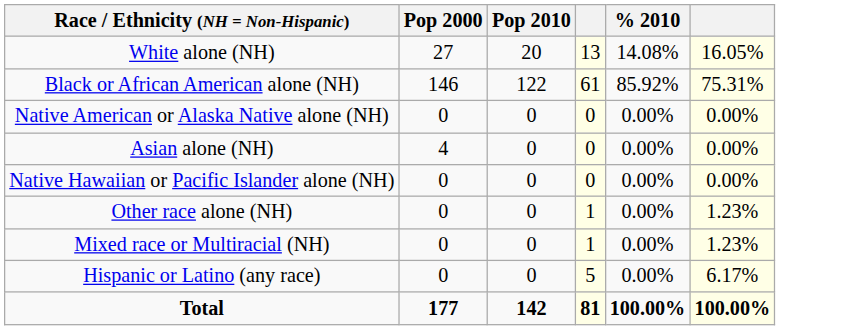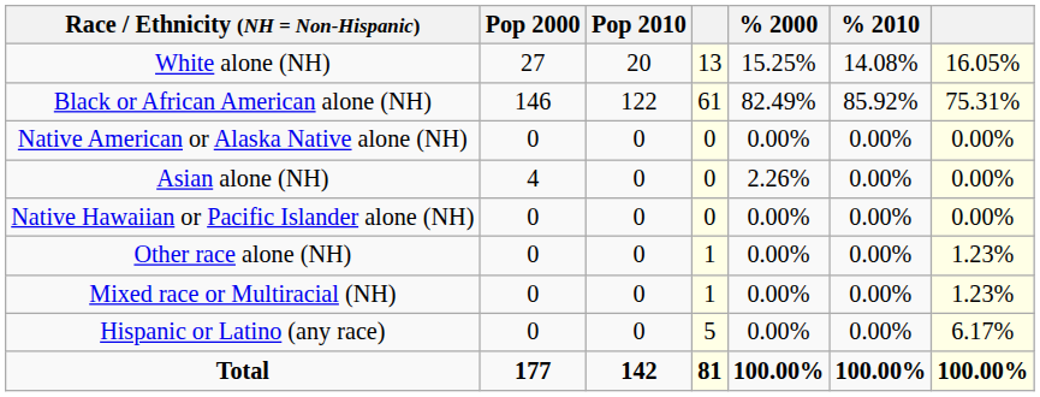 <table class="wikitable" style="text-align:center;">
 <tr>
 <th>Race / Ethnicity <small>(<em>NH = Non-Hispanic</em>)</small></th>
 <th>Pop 2000</th>
 <th>Pop 2010</th>
 <th></th>
+<th>% 2000</th>
 <th>% 2010</th>
 <th></th>
 </tr>
 <tr>
 <td><a href='#'>White</a> alone (NH)</td>
 <td>27</td>
 <td>20</td>
 <td style='background: #ffffe6;'>13</td>
+<td>15.25%</td>
 <td>14.08%</td>
 <td style='background: #ffffe6;'>16.05%</td>
 </tr>
 <tr>
 <td><a href='#'>Black or African American</a> alone (NH)</td>
 <td>146</td>
 <td>122</td>
 <td style='background: #ffffe6;'>61</td>
+<td>82.49%</td>
 <td>85.92%</td>
 <td style='background: #ffffe6;'>75.31%</td>
 </tr>
 <tr>
 <td><a href='#'>Native American</a> or <a href='#'>Alaska Native</a> alone (NH)</td>
 <td>0</td>
 <td>0</td>
 <td style='background: #ffffe6;'>0</td>
 <td>0.00%</td>
+<td>0.00%</td>
 <td style='background: #ffffe6;'>0.00%</td>
 </tr>
 <tr>
 <td><a href='#'>Asian</a> alone (NH)</td>
 <td>4</td>
 <td>0</td>
 <td style='background: #ffffe6;'>0</td>
+<td>2.26%</td>
 <td>0.00%</td>
 <td style='background: #ffffe6;'>0.00%</td>
 </tr>
 <tr>
 <td><a href='#'>Native Hawaiian</a> or <a href='#'>Pacific Islander</a> alone (NH)</td>
 <td>0</td>
 <td>0</td>
 <td style='background: #ffffe6;'>0</td>
 <td>0.00%</td>
+<td>0.00%</td>
 <td style='background: #ffffe6;'>0.00%</td>
 </tr>
 <tr>
 <td><a href='#'>Other race</a> alone (NH)</td>
 <td>0</td>
 <td>0</td>
 <td style='background: #ffffe6;'>1</td>
+<td>0.00%</td>
 <td>0.00%</td>
 <td style='background: #ffffe6;'>1.23%</td>
 </tr>
 <tr>
 <td><a href='#'>Mixed race or Multiracial</a> (NH)</td>
 <td>0</td>
 <td>0</td>
 <td style='background: #ffffe6;'>1</td>
 <td>0.00%</td>
+<td>0.00%</td>
 <td style='background: #ffffe6;'>1.23%</td>
 </tr>
 <tr>
 <td><a href='#'>Hispanic or Latino</a> (any race)</td>
 <td>0</td>
 <td>0</td>
 <td style='background: #ffffe6;'>5</td>
+<td>0.00%</td>
 <td>0.00%</td>
 <td style='background: #ffffe6;'>6.17%</td>
 </tr>
 <tr>
 <td><strong>Total</strong></td>
 <td><strong>177</strong></td>
 <td><strong>142</strong></td>
 <td style='background: #ffffe6;'><strong>81</strong></td>
 <td><strong>100.00%</strong></td>
+<td><strong>100.00%</strong></td>
 <td style='background: #ffffe6;'><strong>100.00%</strong></td>
 </tr>
 </table>
